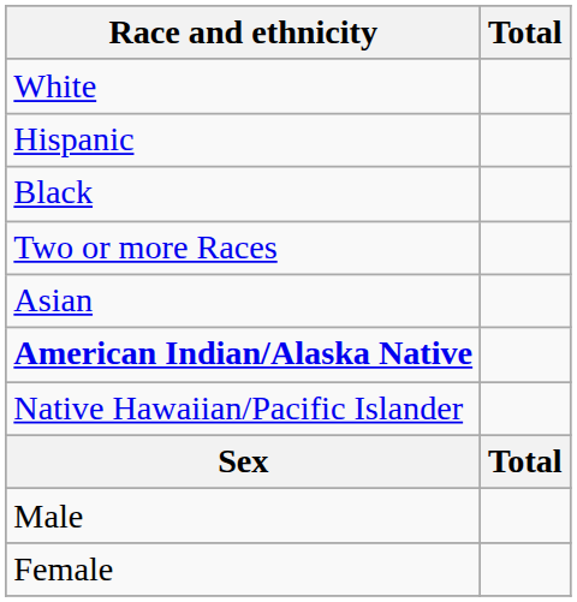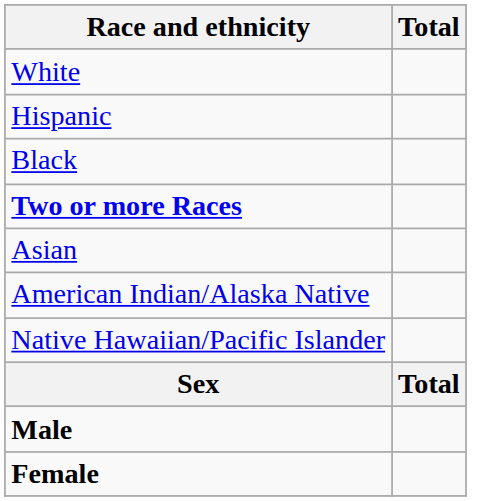 <table class="wikitable floatright sortable collapsible"; text-align:right; font-size:80%;">
 <tr>
 <th>Race and ethnicity</th>
 <th colspan="2" data-sort-type=number>Total</th>
 </tr>
 <tr>
 <td><a href='#'>White</a></td>
 <td align=right></td>
 </tr>
 <tr>
 <td><a href='#'>Hispanic</a></td>
 <td align=right></td>
 </tr>
 <tr>
 <td><a href='#'>Black</a></td>
 <td align=right></td>
 </tr>
 <tr>
-<td><a href='#'>Two or more Races</a></td>
+<td><strong><a href='#'>Two or more Races</a></strong></td>
 <td align=right></td>
 </tr>
 <tr>
 <td><a href='#'>Asian</a></td>
 <td align=right></td>
 </tr>
 <tr>
-<td><strong><a href='#'>American Indian/Alaska Native</a></strong></td>
+<td><a href='#'>American Indian/Alaska Native</a></td>
 <td align=right></td>
 </tr>
 <tr>
 <td><a href='#'>Native Hawaiian/Pacific Islander</a></td>
 <td align=right></td>
 </tr>
 <tr>
 <th>Sex</th>
 <th colspan="2" data-sort-type=number>Total</th>
 </tr>
 <tr>
-<td>Male</td>
+<td><strong>Male</strong></td>
 <td align=right></td>
 </tr>
 <tr>
-<td>Female</td>
+<td><strong>Female</strong></td>
 <td align=right></td>
 </tr>
 </table>
